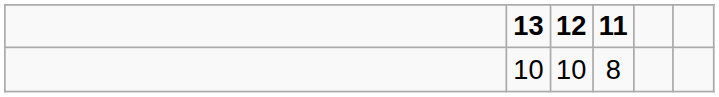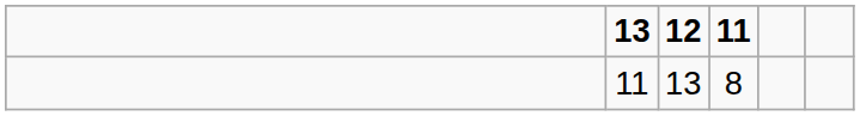 <table class="wikitable">
 <tr>
 <td style="width:18em"></td>
 <td align=center style="width:1em"><strong>13</strong></td>
 <td align=center style="width:1em"><strong>12</strong></td>
 <td align=center style="width:1em"><strong>11</strong></td>
 <td align=center style="width:1em"></td>
 <td align=center style="width:1em"></td>
 </tr>
 <tr>
 <td style="width:18em"></td>
-<td align=center style="width:1em">10</td>
-<td align=center style="width:1em">10</td>
+<td align=center style="width:1em">11</td>
+<td align=center style="width:1em">13</td>
 <td align=center style="width:1em">8</td>
 <td align=center style="width:1em"></td>
 <td align=center style="width:1em"></td>
 </tr>
 </table>
